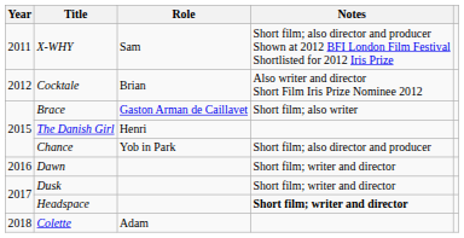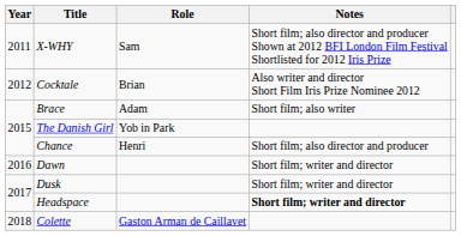 <table class="wikitable sortable">
 <tr>
 <th>Year</th>
 <th>Title</th>
 <th>Role</th>
 <th class="unsortable">Notes</th>
 <th class="unsortable"></th>
 </tr>
 <tr>
 <td>2011</td>
 <td><em>X-WHY</em></td>
 <td>Sam</td>
 <td>Short film; also director and producer<br>Shown at 2012 <a href='#'>BFI London Film Festival</a><br>Shortlisted for 2012 <a href='#'>Iris Prize</a></td>
 <td></td>
 </tr>
 <tr>
 <td>2012</td>
 <td><em>Cocktale</em></td>
 <td>Brian</td>
 <td>Also writer and director<br>Short Film Iris Prize Nominee 2012</td>
 </tr>
 <tr>
 <td rowspan="3">2015</td>
 <td><em>Brace</em></td>
-<td><a href='#'>Gaston Arman de Caillavet</a></td>
+<td>Adam</td>
 <td>Short film; also writer</td>
 <td></td>
 </tr>
 <tr>
 <td><em><a href='#'>The Danish Girl</a></em></td>
-<td>Henri</td>
+<td>Yob in Park</td>
 <td></td>
 <td></td>
 </tr>
 <tr>
 <td><em>Chance</em></td>
-<td>Yob in Park</td>
+<td>Henri</td>
 <td>Short film; also director and producer</td>
 <td></td>
 </tr>
 <tr>
 <td>2016</td>
 <td><em>Dawn</em></td>
 <td></td>
 <td>Short film; writer and director</td>
 <td></td>
 </tr>
 <tr>
 <td rowspan="2">2017</td>
 <td><em>Dusk</em></td>
 <td></td>
 <td>Short film; writer and director</td>
 <td></td>
 </tr>
 <tr>
 <td><em>Headspace</em></td>
 <td></td>
 <td><strong>Short film; writer and director</strong></td>
 <td></td>
 </tr>
 <tr>
 <td>2018</td>
 <td><em><a href='#'>Colette</a></em></td>
-<td>Adam</td>
+<td><a href='#'>Gaston Arman de Caillavet</a></td>
 <td></td>
 <td></td>
 </tr>
 </table>
